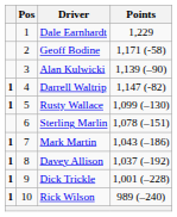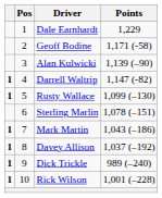 <table class="wikitable" style="font-size: 95%;">
 <tr>
 <th></th>
 <th>Pos</th>
 <th>Driver</th>
 <th>Points</th>
 </tr>
 <tr>
 <td align="left"></td>
 <td style="text-align:center;">1</td>
 <td><a href='#'>Dale Earnhardt</a></td>
 <td style="text-align:center;">1,229</td>
 </tr>
 <tr>
 <td align="left"></td>
 <td style="text-align:center;">2</td>
 <td><a href='#'>Geoff Bodine</a></td>
 <td style="text-align:center;">1,171 (-58)</td>
 </tr>
 <tr>
 <td align="left"></td>
 <td style="text-align:center;">3</td>
 <td><a href='#'>Alan Kulwicki</a></td>
 <td style="text-align:center;">1,139 (–90)</td>
 </tr>
 <tr>
 <td align="left">  <strong>1</strong></td>
 <td style="text-align:center;">4</td>
 <td><a href='#'>Darrell Waltrip</a></td>
 <td style="text-align:center;">1,147 (-82)</td>
 </tr>
 <tr>
 <td align="left">  <strong>1</strong></td>
 <td style="text-align:center;">5</td>
 <td><a href='#'>Rusty Wallace</a></td>
 <td style="text-align:center;">1,099 (–130)</td>
 </tr>
 <tr>
 <td align="left"></td>
 <td style="text-align:center;">6</td>
 <td><a href='#'>Sterling Marlin</a></td>
 <td style="text-align:center;">1,078 (–151)</td>
 </tr>
 <tr>
 <td align="left">  <strong>1</strong></td>
 <td style="text-align:center;">7</td>
 <td><a href='#'>Mark Martin</a></td>
 <td style="text-align:center;">1,043 (–186)</td>
 </tr>
 <tr>
 <td align="left">  <strong>1</strong></td>
 <td style="text-align:center;">8</td>
 <td><a href='#'>Davey Allison</a></td>
 <td style="text-align:center;">1,037 (–192)</td>
 </tr>
 <tr>
 <td align="left">  <strong>1</strong></td>
 <td style="text-align:center;">9</td>
 <td><a href='#'>Dick Trickle</a></td>
-<td style="text-align:center;">1,001 (–228)</td>
+<td style="text-align:center;">989 (–240)</td>
 </tr>
 <tr>
 <td align="left">  <strong>1</strong></td>
 <td style="text-align:center;">10</td>
 <td><a href='#'>Rick Wilson</a></td>
-<td style="text-align:center;">989 (–240)</td>
+<td style="text-align:center;">1,001 (–228)</td>
 </tr>
 <tr class="sortbottom">
 <th colspan="9"></th>
 </tr>
 </table>
